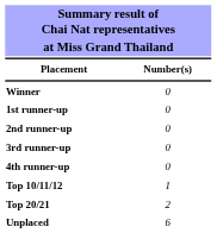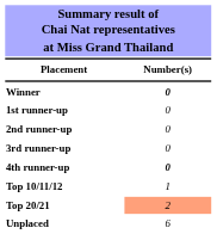 <table style="width: 270px; font-size:85%; line-height:1.5em;">
 <tr>
 <th colspan="2" align="center" style="background:#AAF;"><big>Summary result of<br>Chai Nat representatives<br>at Miss Grand Thailand</big></th>
 </tr>
 <tr>
 <td colspan="2" style="background:black"></td>
 </tr>
 <tr>
 <th scope="col">Placement</th>
 <th scope="col">Number(s)</th>
 </tr>
 <tr>
 <td colspan="2" style="background:black"></td>
 </tr>
 <tr>
 <td align="left"><strong>Winner</strong></td>
-<td align="center"><em>0</em></td>
+<td align="center"><strong><em>0</em></strong></td>
 </tr>
 <tr>
 <td align="left"><strong>1st runner-up</strong></td>
 <td align="center"><em>0</em></td>
 </tr>
 <tr>
 <td align="left"><strong>2nd runner-up</strong></td>
 <td align="center"><em>0</em></td>
 </tr>
 <tr>
 <td align="left"><strong>3rd runner-up</strong></td>
 <td align="center"><em>0</em></td>
 </tr>
 <tr>
 <td align="left"><strong>4th runner-up</strong></td>
-<td align="center"><em>0</em></td>
+<td align="center"><strong><em>0</em></strong></td>
 </tr>
 <tr>
 <td align="left"><strong>Top 10/11/12</strong></td>
 <td align="center"><em>1</em></td>
 </tr>
 <tr>
 <td align="left"><strong>Top 20/21</strong></td>
-<td align="center"><em>2</em></td>
+<td align="center" style="background: lightsalmon;"><em>2</em></td>
 </tr>
 <tr>
 <td align="left"><strong>Unplaced</strong></td>
 <td align="center"><em>6</em></td>
 </tr>
 </table>
